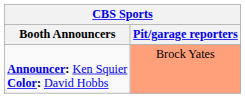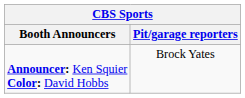 <table class="wikitable" style="font-size: 95%;">
 <tr>
 <th colspan=2><a href='#'>CBS Sports</a></th>
 </tr>
 <tr>
 <th>Booth Announcers</th>
 <th><a href='#'>Pit/garage reporters</a></th>
 </tr>
 <tr>
 <td valign="top"><br><strong><a href='#'>Announcer</a>:</strong> <a href='#'>Ken Squier</a><br> <strong><a href='#'>Color</a>:</strong> <a href='#'>David Hobbs</a><br></td>
-<td align="center" valign="top" style="background: lightsalmon;">Brock Yates</td>
+<td align="center" valign="top">Brock Yates</td>
 </tr>
 </table>
